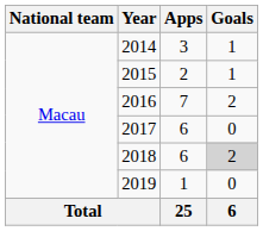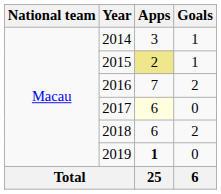 <table class="wikitable" style="text-align:center">
 <tr>
 <th>National team</th>
 <th>Year</th>
 <th>Apps</th>
 <th>Goals</th>
 </tr>
 <tr>
 <td rowspan="6"><a href='#'>Macau</a></td>
 <td>2014</td>
 <td>3</td>
 <td>1</td>
 </tr>
 <tr>
 <td>2015</td>
-<td>2</td>
+<td style="background: khaki;">2</td>
 <td>1</td>
 </tr>
 <tr>
 <td>2016</td>
 <td>7</td>
 <td>2</td>
 </tr>
 <tr>
 <td>2017</td>
-<td>6</td>
+<td style="background: lightyellow;">6</td>
 <td>0</td>
 </tr>
 <tr>
 <td>2018</td>
 <td>6</td>
-<td style="background: lightgrey;">2</td>
+<td>2</td>
 </tr>
 <tr>
 <td>2019</td>
-<td>1</td>
+<td><strong>1</strong></td>
 <td>0</td>
 </tr>
 <tr>
 <th colspan=2>Total</th>
 <th>25</th>
 <th>6</th>
 </tr>
 </table>
